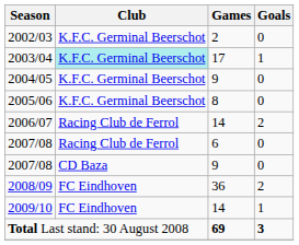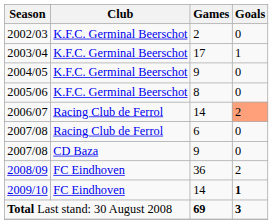 <table class="wikitable" border="1">
 <tr>
 <th>Season</th>
 <th>Club</th>
 <th>Games</th>
 <th>Goals</th>
 </tr>
 <tr>
 <td>2002/03</td>
 <td><a href='#'>K.F.C. Germinal Beerschot</a></td>
 <td>2</td>
 <td>0</td>
 </tr>
 <tr>
 <td>2003/04</td>
-<td style="background: paleturquoise;"><a href='#'>K.F.C. Germinal Beerschot</a></td>
+<td><a href='#'>K.F.C. Germinal Beerschot</a></td>
 <td>17</td>
 <td>1</td>
 </tr>
 <tr>
 <td>2004/05</td>
 <td><a href='#'>K.F.C. Germinal Beerschot</a></td>
 <td>9</td>
 <td>0</td>
 </tr>
 <tr>
 <td>2005/06</td>
 <td><a href='#'>K.F.C. Germinal Beerschot</a></td>
 <td>8</td>
 <td>0</td>
 </tr>
 <tr>
 <td>2006/07</td>
 <td><a href='#'>Racing Club de Ferrol</a></td>
 <td>14</td>
-<td>2</td>
+<td style="background: lightsalmon;">2</td>
 </tr>
 <tr>
 <td>2007/08</td>
 <td><a href='#'>Racing Club de Ferrol</a></td>
 <td>6</td>
 <td>0</td>
 </tr>
 <tr>
 <td>2007/08</td>
 <td><a href='#'>CD Baza</a></td>
 <td>9</td>
 <td>0</td>
 </tr>
 <tr>
 <td><a href='#'>2008/09</a></td>
 <td><a href='#'>FC Eindhoven</a></td>
 <td>36</td>
 <td>2</td>
 </tr>
 <tr>
 <td><a href='#'>2009/10</a></td>
 <td><a href='#'>FC Eindhoven</a></td>
 <td>14</td>
-<td>1</td>
+<td><strong>1</strong></td>
 </tr>
 <tr>
 <td colspan=2><strong>Total</strong> Last stand: 30 August 2008</td>
 <td><strong>69</strong></td>
 <td colspan=7><strong>3</strong></td>
 </tr>
 <tr>
 </tr>
 </table>
